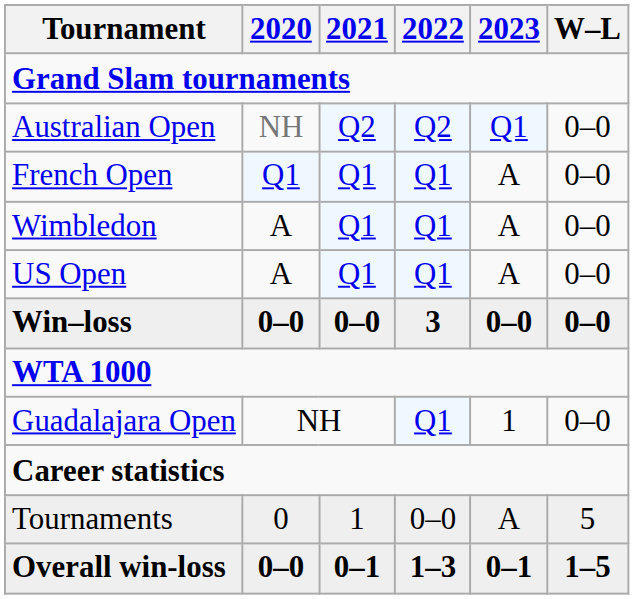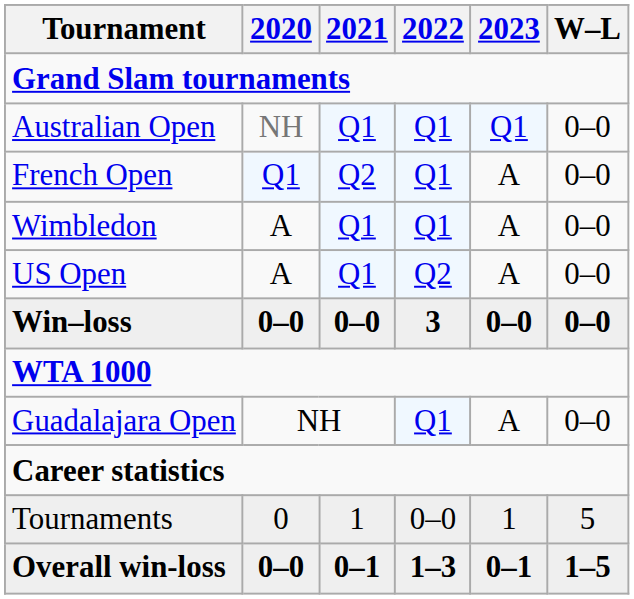 <table class="wikitable" style="text-align:center;">
 <tr>
 <th>Tournament</th>
 <th><a href='#'>2020</a></th>
 <th><a href='#'>2021</a></th>
 <th><a href='#'>2022</a></th>
 <th><a href='#'>2023</a></th>
 <th>W–L</th>
 </tr>
 <tr>
 <td colspan="6" align="left"><strong><a href='#'>Grand Slam tournaments</a></strong></td>
 </tr>
 <tr>
 <td align="left"><a href='#'>Australian Open</a></td>
 <td style="color:#767676;">NH</td>
-<td bgcolor="f0f8ff"><a href='#'>Q2</a></td>
-<td bgcolor="f0f8ff"><a href='#'>Q2</a></td>
+<td bgcolor="f0f8ff"><a href='#'>Q1</a></td>
+<td bgcolor="f0f8ff"><a href='#'>Q1</a></td>
 <td bgcolor="f0f8ff"><a href='#'>Q1</a></td>
 <td>0–0</td>
 </tr>
 <tr>
 <td align="left"><a href='#'>French Open</a></td>
 <td bgcolor="f0f8ff"><a href='#'>Q1</a></td>
-<td bgcolor="f0f8ff"><a href='#'>Q1</a></td>
+<td bgcolor="f0f8ff"><a href='#'>Q2</a></td>
 <td bgcolor="f0f8ff"><a href='#'>Q1</a></td>
 <td>A</td>
 <td>0–0</td>
 </tr>
 <tr>
 <td align="left"><a href='#'>Wimbledon</a></td>
 <td>A</td>
 <td bgcolor="f0f8ff"><a href='#'>Q1</a></td>
 <td bgcolor="f0f8ff"><a href='#'>Q1</a></td>
 <td>A</td>
 <td>0–0</td>
 </tr>
 <tr>
 <td align="left"><a href='#'>US Open</a></td>
 <td>A</td>
 <td bgcolor="f0f8ff"><a href='#'>Q1</a></td>
-<td bgcolor="f0f8ff"><a href='#'>Q1</a></td>
+<td bgcolor="f0f8ff"><a href='#'>Q2</a></td>
 <td>A</td>
 <td>0–0</td>
 </tr>
 <tr style="background:#efefef;font-weight:bold">
 <td align="left">Win–loss</td>
 <td>0–0</td>
 <td>0–0</td>
 <td>3</td>
 <td>0–0</td>
 <td>0–0</td>
 </tr>
 <tr>
 <td colspan="6" align="left"><strong><a href='#'>WTA 1000</a></strong></td>
 </tr>
 <tr>
 <td align=left><a href='#'>Guadalajara Open</a></td>
 <td colspan=2>NH</td>
 <td bgcolor=f0f8ff><a href='#'>Q1</a></td>
-<td>1</td>
+<td>A</td>
 <td>0–0</td>
 </tr>
 <tr>
 <td colspan="6" align="left"><strong>Career statistics</strong></td>
 </tr>
 <tr bgcolor=efefef>
 <td align=left>Tournaments</td>
 <td>0</td>
 <td>1</td>
 <td>0–0</td>
-<td>A</td>
+<td>1</td>
 <td>5</td>
 </tr>
 <tr style="background:#efefef;font-weight:bold">
 <td align="left">Overall win-loss</td>
 <td>0–0</td>
 <td>0–1</td>
 <td>1–3</td>
 <td>0–1</td>
 <td>1–5</td>
 </tr>
 </table>
